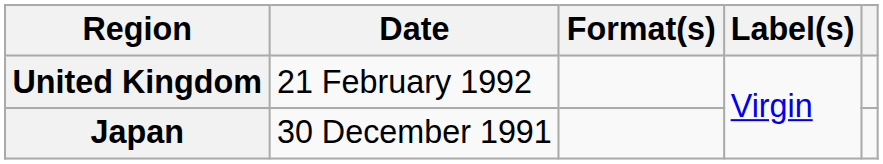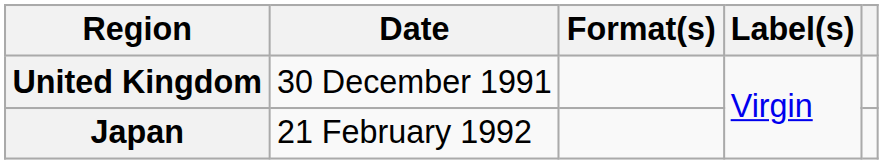 <table class="wikitable plainrowheaders">
 <tr>
 <th scope="col">Region</th>
 <th scope="col">Date</th>
 <th scope="col">Format(s)</th>
 <th scope="col">Label(s)</th>
 <th scope="col"></th>
 </tr>
 <tr>
 <th scope="row">United Kingdom</th>
-<td>21 February 1992</td>
+<td>30 December 1991</td>
 <td></td>
 <td rowspan="3"><a href='#'>Virgin</a></td>
 <td align="center"></td>
 </tr>
 <tr>
 <th scope="row">Japan</th>
-<td>30 December 1991</td>
+<td>21 February 1992</td>
 <td></td>
 <td align="center"></td>
 </tr>
 </table>
